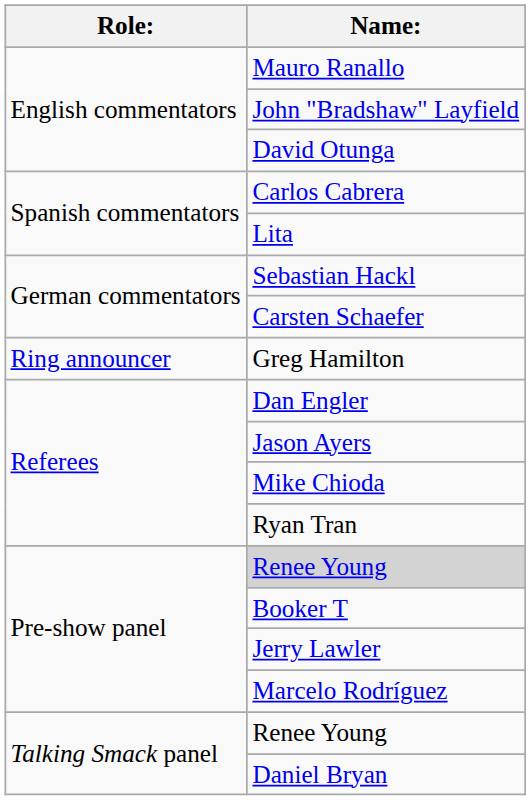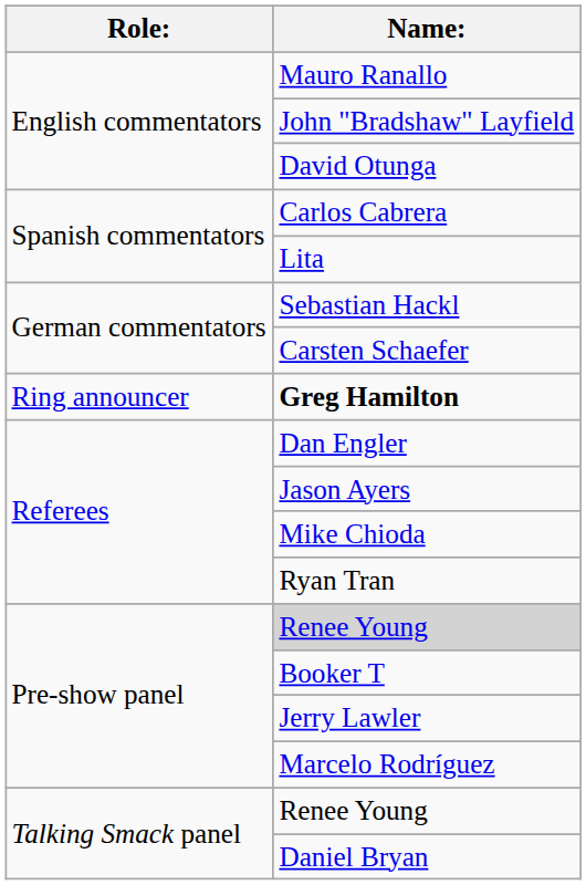 <table class=wikitable style="font-size:90%; margin: 0.5em 0 0.5em 1em; float: right; clear: right;">
 <tr>
 <th>Role:</th>
 <th>Name:</th>
 </tr>
 <tr>
 <td rowspan=3>English commentators</td>
 <td><a href='#'>Mauro Ranallo</a></td>
 </tr>
 <tr>
 <td><a href='#'>John "Bradshaw" Layfield</a></td>
 </tr>
 <tr>
 <td><a href='#'>David Otunga</a></td>
 </tr>
 <tr>
 <td rowspan=2>Spanish commentators</td>
 <td><a href='#'>Carlos Cabrera</a></td>
 </tr>
 <tr>
 <td><a href='#'>Lita</a></td>
 </tr>
 <tr>
 <td rowspan=2>German commentators</td>
 <td><a href='#'>Sebastian Hackl</a></td>
 </tr>
 <tr>
 <td><a href='#'>Carsten Schaefer</a></td>
 </tr>
 <tr>
 <td rowspan=1><a href='#'>Ring announcer</a></td>
-<td>Greg Hamilton</td>
+<td><strong>Greg Hamilton</strong></td>
 </tr>
 <tr>
 <td rowspan=4><a href='#'>Referees</a></td>
 <td><a href='#'>Dan Engler</a></td>
 </tr>
 <tr>
 <td><a href='#'>Jason Ayers</a></td>
 </tr>
 <tr>
 <td><a href='#'>Mike Chioda</a></td>
 </tr>
 <tr>
 <td>Ryan Tran</td>
 </tr>
 <tr>
 <td rowspan=4>Pre-show panel</td>
 <td style="background: lightgrey;"><a href='#'>Renee Young</a></td>
 </tr>
 <tr>
 <td><a href='#'>Booker T</a></td>
 </tr>
 <tr>
 <td><a href='#'>Jerry Lawler</a></td>
 </tr>
 <tr>
 <td><a href='#'>Marcelo Rodríguez</a></td>
 </tr>
 <tr>
 <td rowspan=2><em>Talking Smack</em> panel</td>
 <td>Renee Young</td>
 </tr>
 <tr>
 <td><a href='#'>Daniel Bryan</a></td>
 </tr>
 </table>
